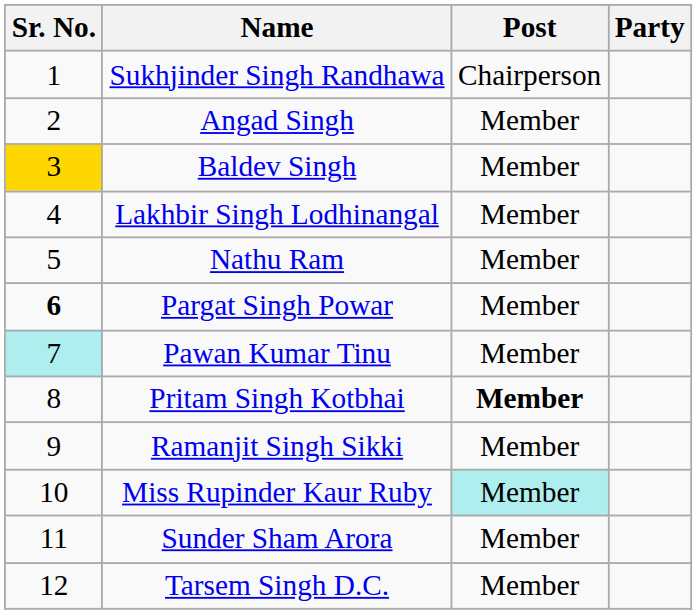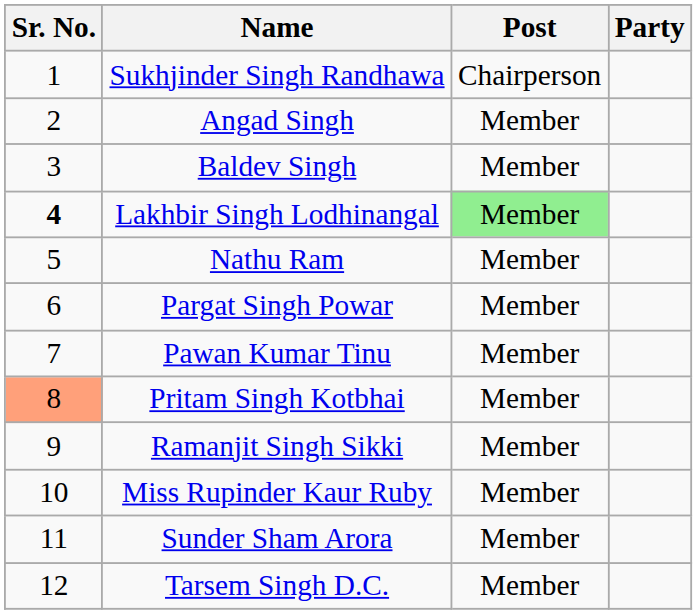 <table class="wikitable sortable">
 <tr>
 <th>Sr. No.</th>
 <th>Name</th>
 <th>Post</th>
 <th colspan="2">Party</th>
 </tr>
 <tr align="center">
 <td>1</td>
 <td><a href='#'>Sukhjinder Singh Randhawa</a></td>
 <td>Chairperson</td>
 <td></td>
 </tr>
 <tr align="center">
 <td>2</td>
 <td><a href='#'>Angad Singh</a></td>
 <td>Member</td>
 <td></td>
 </tr>
 <tr align="center">
-<td style="background: gold;">3</td>
+<td>3</td>
 <td><a href='#'>Baldev Singh</a></td>
 <td>Member</td>
 <td></td>
 </tr>
 <tr align="center">
-<td>4</td>
+<td><strong>4</strong></td>
 <td><a href='#'>Lakhbir Singh Lodhinangal</a></td>
-<td>Member</td>
+<td style="background: lightgreen;">Member</td>
 <td></td>
 </tr>
 <tr align="center">
 <td>5</td>
 <td><a href='#'>Nathu Ram</a></td>
 <td>Member</td>
 <td></td>
 </tr>
 <tr align="center">
-<td><strong>6</strong></td>
+<td>6</td>
 <td><a href='#'>Pargat Singh Powar</a></td>
 <td>Member</td>
 <td></td>
 </tr>
 <tr align="center">
-<td style="background: paleturquoise;">7</td>
+<td>7</td>
 <td><a href='#'>Pawan Kumar Tinu</a></td>
 <td>Member</td>
 <td></td>
 </tr>
 <tr align="center">
-<td>8</td>
+<td style="background: lightsalmon;">8</td>
 <td><a href='#'>Pritam Singh Kotbhai</a></td>
-<td><strong>Member</strong></td>
+<td>Member</td>
 <td></td>
 </tr>
 <tr align="center">
 <td>9</td>
 <td><a href='#'>Ramanjit Singh Sikki</a></td>
 <td>Member</td>
 <td></td>
 </tr>
 <tr align="center">
 <td>10</td>
 <td><a href='#'>Miss Rupinder Kaur Ruby</a></td>
-<td style="background: paleturquoise;">Member</td>
+<td>Member</td>
 <td></td>
 </tr>
 <tr align="center">
 <td>11</td>
 <td><a href='#'>Sunder Sham Arora</a></td>
 <td>Member</td>
 <td></td>
 </tr>
 <tr align="center">
 <td>12</td>
 <td><a href='#'>Tarsem Singh D.C.</a></td>
 <td>Member</td>
 <td></td>
 </tr>
 </table>
